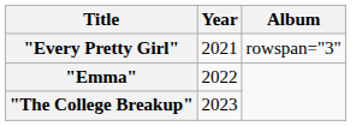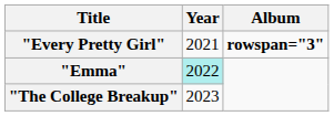 <table class="wikitable plainrowheaders" style="text-align:center">
 <tr>
 <th scope="col">Title</th>
 <th scope="col">Year</th>
 <th scope="col">Album</th>
 </tr>
 <tr>
 <th scope="row">"Every Pretty Girl"</th>
 <td>2021</td>
-<td>rowspan="3" </td>
+<td><strong>rowspan="3" </strong></td>
 </tr>
 <tr>
 <th scope="row">"Emma"</th>
-<td>2022</td>
+<td style="background: paleturquoise;">2022</td>
 </tr>
 <tr>
 <th scope="row">"The College Breakup"</th>
 <td>2023</td>
 </tr>
 </table>
